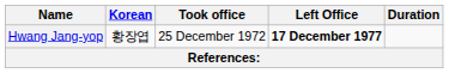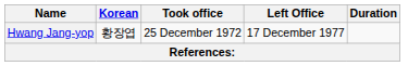 <table class="wikitable" style=text-align:center>
 <tr>
 <th>Name</th>
 <th class="unsortable"><a href='#'>Korean</a></th>
 <th>Took office</th>
 <th>Left Office</th>
 <th>Duration</th>
 </tr>
 <tr>
 <th scope="row" style="font-weight:normal;"><a href='#'>Hwang Jang-yop</a></th>
 <td>황장엽</td>
 <td>25 December 1972</td>
-<td><strong>17 December 1977</strong></td>
+<td>17 December 1977</td>
 <td></td>
 </tr>
 <tr>
 <th colspan="5" unsortable><strong>References:</strong><br></th>
 </tr>
 </table>
